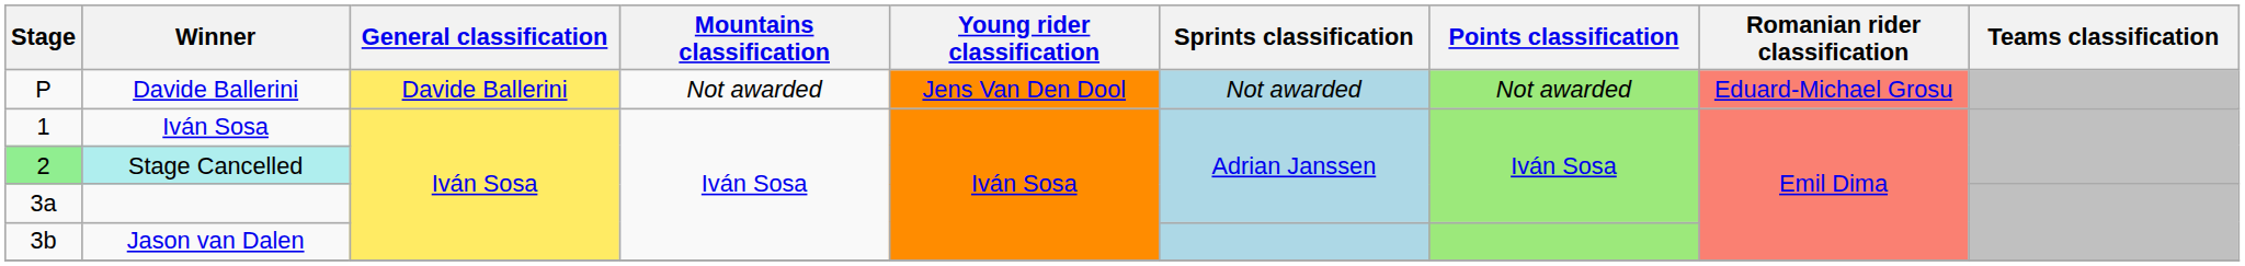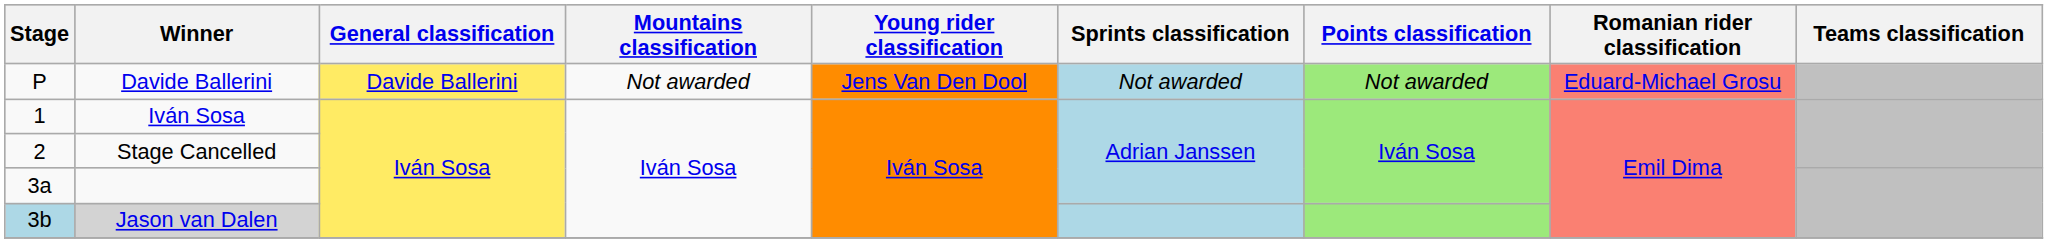 <table class="wikitable" style="text-align: center; font-size:smaller;">
 <tr style="background-color: #efefef;">
 <th width="2%">Stage</th>
 <th width="12.25%">Winner</th>
 <th width="12.25%"><a href='#'>General classification</a><br></th>
 <th width="12.25%"><a href='#'>Mountains classification</a><br></th>
 <th width="12.25%"><a href='#'>Young rider classification</a><br></th>
 <th width="12.25%">Sprints classification<br></th>
 <th width="12.25%"><a href='#'>Points classification</a><br></th>
 <th width="12.25%">Romanian rider classification<br></th>
 <th width="12.25%">Teams classification<br></th>
 </tr>
 <tr>
 <td scope=row>P</td>
 <td><a href='#'>Davide Ballerini</a></td>
 <td style="background:#FFEB64;"><a href='#'>Davide Ballerini</a></td>
 <td style="background:offwhite;"><em>Not awarded</em></td>
 <td style="background:#FF8C00;"><a href='#'>Jens Van Den Dool</a></td>
 <td style="background:lightblue;"><em>Not awarded</em></td>
 <td style="background:#9CE97B;"><em>Not awarded</em></td>
 <td style="background:salmon;"><a href='#'>Eduard-Michael Grosu</a></td>
 <td style="background:#C0C0C0;"></td>
 </tr>
 <tr>
 <td scope=row>1</td>
 <td><a href='#'>Iván Sosa</a></td>
 <td style="background:#FFEB64;" rowspan=4><a href='#'>Iván Sosa</a></td>
 <td style="background:offwhite;" rowspan=4><a href='#'>Iván Sosa</a></td>
 <td style="background:#FF8C00;" rowspan=4><a href='#'>Iván Sosa</a></td>
 <td style="background:lightblue;" rowspan=3><a href='#'>Adrian Janssen</a></td>
 <td style="background:#9CE97B;" rowspan=3><a href='#'>Iván Sosa</a></td>
 <td style="background:salmon;" rowspan=4><a href='#'>Emil Dima</a></td>
 <td style="background:#C0C0C0;" rowspan=2></td>
 </tr>
 <tr>
-<td scope=row style="background: lightgreen;">2</td>
-<td style="background: paleturquoise;">Stage Cancelled</td>
+<td scope=row>2</td>
+<td>Stage Cancelled</td>
 </tr>
 <tr>
 <td scope=row>3a</td>
 <td></td>
 <td style="background:#C0C0C0;" rowspan=2></td>
 </tr>
 <tr>
-<td scope=row>3b</td>
-<td><a href='#'>Jason van Dalen</a></td>
+<td scope=row style="background: lightblue;">3b</td>
+<td style="background: lightgrey;"><a href='#'>Jason van Dalen</a></td>
 <td style="background:lightblue;"></td>
 <td style="background:#9CE97B;"></td>
 </tr>
 <tr>
 </tr>
 </table>
